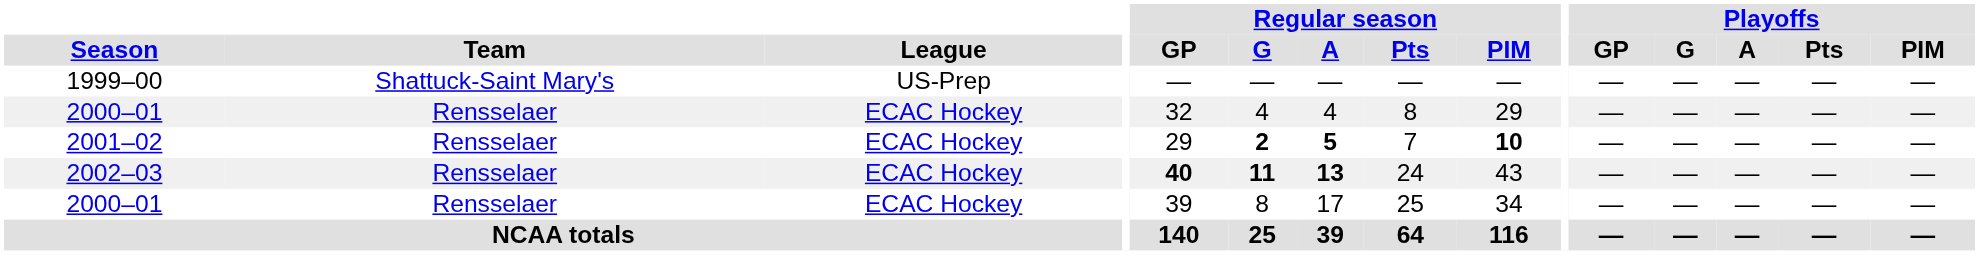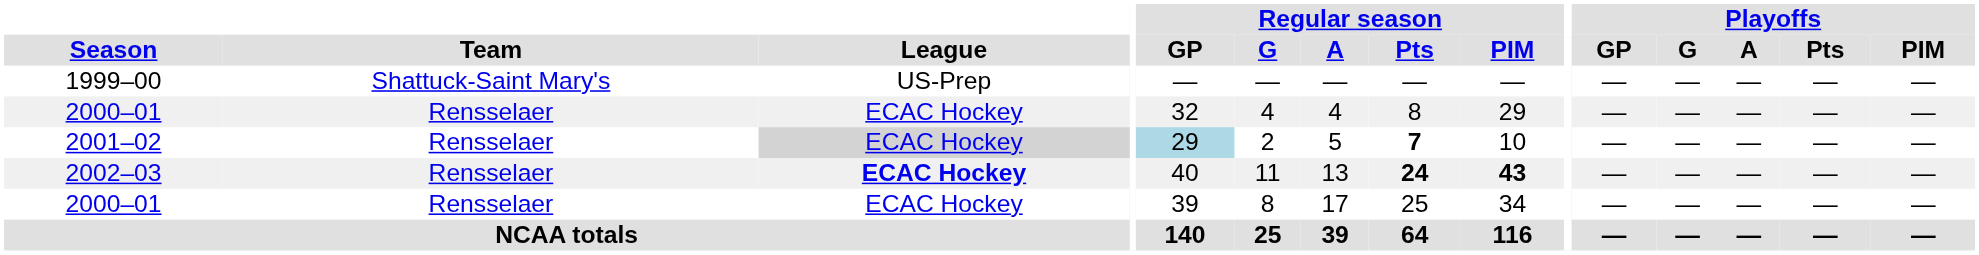 <table border="0" cellpadding="1" cellspacing="0" style="text-align:center; width:80em">
 <tr bgcolor="#e0e0e0">
 <th colspan="3" bgcolor="#ffffff"></th>
 <th rowspan="99" bgcolor="#ffffff"></th>
 <th colspan="5"><a href='#'>Regular season</a></th>
 <th rowspan="99" bgcolor="#ffffff"></th>
 <th colspan="5"><a href='#'>Playoffs</a></th>
 </tr>
 <tr bgcolor="#e0e0e0">
 <th><a href='#'>Season</a></th>
 <th>Team</th>
 <th>League</th>
 <th>GP</th>
 <th><a href='#'>G</a></th>
 <th><a href='#'>A</a></th>
 <th><a href='#'>Pts</a></th>
 <th><a href='#'>PIM</a></th>
 <th>GP</th>
 <th>G</th>
 <th>A</th>
 <th>Pts</th>
 <th>PIM</th>
 </tr>
 <tr>
 <td>1999–00</td>
 <td><a href='#'>Shattuck-Saint Mary's</a></td>
 <td>US-Prep</td>
 <td>—</td>
 <td>—</td>
 <td>—</td>
 <td>—</td>
 <td>—</td>
 <td>—</td>
 <td>—</td>
 <td>—</td>
 <td>—</td>
 <td>—</td>
 </tr>
 <tr bgcolor="f0f0f0">
 <td><a href='#'>2000–01</a></td>
 <td><a href='#'>Rensselaer</a></td>
 <td><a href='#'>ECAC Hockey</a></td>
 <td>32</td>
 <td>4</td>
 <td>4</td>
 <td>8</td>
 <td>29</td>
 <td>—</td>
 <td>—</td>
 <td>—</td>
 <td>—</td>
 <td>—</td>
 </tr>
 <tr>
 <td><a href='#'>2001–02</a></td>
 <td><a href='#'>Rensselaer</a></td>
-<td><a href='#'>ECAC Hockey</a></td>
-<td>29</td>
-<td><strong>2</strong></td>
-<td><strong>5</strong></td>
-<td>7</td>
-<td><strong>10</strong></td>
+<td style="background: lightgrey;"><a href='#'>ECAC Hockey</a></td>
+<td style="background: lightblue;">29</td>
+<td>2</td>
+<td>5</td>
+<td><strong>7</strong></td>
+<td>10</td>
 <td>—</td>
 <td>—</td>
 <td>—</td>
 <td>—</td>
 <td>—</td>
 </tr>
 <tr bgcolor="f0f0f0">
 <td><a href='#'>2002–03</a></td>
 <td><a href='#'>Rensselaer</a></td>
-<td><a href='#'>ECAC Hockey</a></td>
-<td><strong>40</strong></td>
-<td><strong>11</strong></td>
-<td><strong>13</strong></td>
-<td>24</td>
-<td>43</td>
+<td><strong><a href='#'>ECAC Hockey</a></strong></td>
+<td>40</td>
+<td>11</td>
+<td>13</td>
+<td><strong>24</strong></td>
+<td><strong>43</strong></td>
 <td>—</td>
 <td>—</td>
 <td>—</td>
 <td>—</td>
 <td>—</td>
 </tr>
 <tr>
 <td><a href='#'>2000–01</a></td>
 <td><a href='#'>Rensselaer</a></td>
 <td><a href='#'>ECAC Hockey</a></td>
 <td>39</td>
 <td>8</td>
 <td>17</td>
 <td>25</td>
 <td>34</td>
 <td>—</td>
 <td>—</td>
 <td>—</td>
 <td>—</td>
 <td>—</td>
 </tr>
 <tr bgcolor="#e0e0e0">
 <th colspan="3">NCAA totals</th>
 <th>140</th>
 <th>25</th>
 <th>39</th>
 <th>64</th>
 <th>116</th>
 <th>—</th>
 <th>—</th>
 <th>—</th>
 <th>—</th>
 <th>—</th>
 </tr>
 </table>
